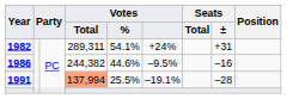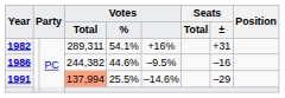 <table class="wikitable" style="font-size:90%; text-align:center;">
 <tr>
 <th rowspan="2" style="background:#eaecf0;">Year</th>
 <th colspan="2" rowspan="2" style="background:#eaecf0;">Party</th>
 <th colspan="3" style="background:#eaecf0;">Votes</th>
 <th colspan="2">Seats</th>
 <th rowspan="2">Position</th>
 </tr>
 <tr>
 <th style="background:#eaecf0;">Total</th>
 <th style="background:#eaecf0;">%</th>
 <th style="background:#eaecf0;"></th>
 <th>Total</th>
 <th>±</th>
 </tr>
 <tr>
 <th><a href='#'>1982</a></th>
 <td rowspan="5" style="background-color:"></td>
 <td rowspan="5"><a href='#'>PC</a></td>
 <td>289,311</td>
 <td>54.1%</td>
-<td>+24%</td>
+<td>+16%</td>
 <td></td>
 <td>+31</td>
 <td></td>
 </tr>
 <tr>
 <th><a href='#'>1986</a></th>
 <td>244,382</td>
 <td>44.6%</td>
 <td>–9.5%</td>
 <td></td>
 <td>–16</td>
 <td></td>
 </tr>
 <tr>
 <th><a href='#'>1991</a></th>
 <td style="background: lightsalmon;">137,994</td>
 <td>25.5%</td>
-<td>–19.1%</td>
+<td>–14.6%</td>
 <td></td>
-<td>–28</td>
+<td>–29</td>
 <td></td>
 </tr>
 <tr>
 <th colspan="10" style="background:#eaecf0;"></th>
 </tr>
 </table>
